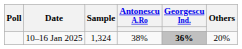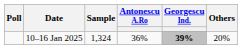 <table class="wikitable sortable" style="text-align:center;font-size:85%;line-height:14px;">
 <tr>
 <th rowspan="2">Poll</th>
 <th rowspan="2">Date</th>
 <th rowspan="2" style="width:35px;">Sample</th>
 <th class="unsortable" style="width:20px;"><a href='#'>Antonescu</a><br><small><a href='#'>A.Ro</a></small></th>
 <th class="unsortable" style="width:20px;"><a href='#'>Georgescu</a><br><small><a href='#'>Ind.</a></small></th>
 <th rowspan="2">Others</th>
 </tr>
 <tr>
 <th style="background:"></th>
 <th style="background:"></th>
 </tr>
 <tr>
 <td></td>
 <td>10–16 Jan 2025</td>
 <td>1,324</td>
-<td>38%</td>
-<td style="background:#C0C0C0"><strong>36%</strong></td>
+<td>36%</td>
+<td style="background:#C0C0C0"><strong>39%</strong></td>
 <td>20%</td>
 </tr>
 </table>
